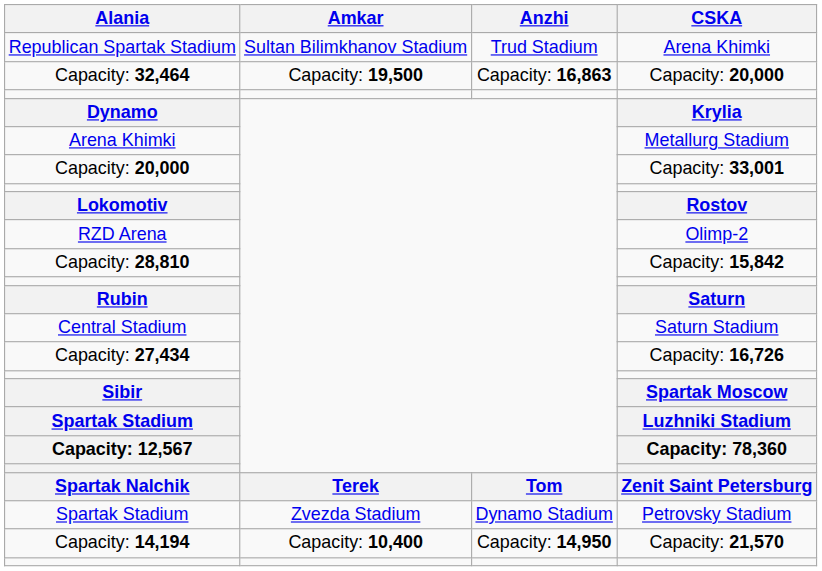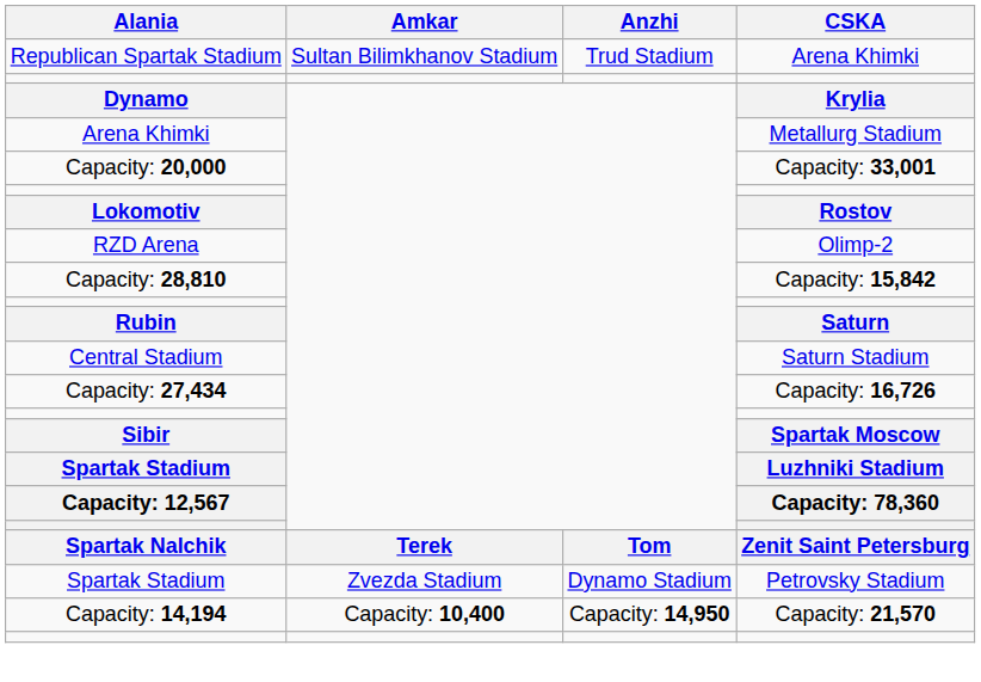 <table class="wikitable" style="text-align:center;">
 <tr>
 <th><a href='#'>Alania</a></th>
 <th><a href='#'>Amkar</a></th>
 <th><a href='#'>Anzhi</a></th>
 <th><a href='#'>CSKA</a></th>
 </tr>
 <tr>
 <td><a href='#'>Republican Spartak Stadium</a></td>
 <td><a href='#'>Sultan Bilimkhanov Stadium</a></td>
 <td><a href='#'>Trud Stadium</a></td>
 <td><a href='#'>Arena Khimki</a></td>
-</tr>
-<tr>
-<td>Capacity: <strong>32,464</strong></td>
-<td>Capacity: <strong>19,500</strong></td>
-<td>Capacity: <strong>16,863</strong></td>
-<td>Capacity: <strong>20,000</strong></td>
 </tr>
 <tr>
 <td></td>
 <td></td>
 <td></td>
 <td></td>
 </tr>
 <tr>
 <th><a href='#'>Dynamo</a></th>
 <td colspan="2" rowspan="16"><br> </td>
 <th><a href='#'>Krylia</a></th>
 </tr>
 <tr>
 <td><a href='#'>Arena Khimki</a></td>
 <td><a href='#'>Metallurg Stadium</a></td>
 </tr>
 <tr>
 <td>Capacity: <strong>20,000</strong></td>
 <td>Capacity: <strong>33,001</strong></td>
 </tr>
 <tr>
 <td></td>
 <td></td>
 </tr>
 <tr>
 <th><a href='#'>Lokomotiv</a></th>
 <th><a href='#'>Rostov</a></th>
 </tr>
 <tr>
 <td><a href='#'>RZD Arena</a></td>
 <td><a href='#'>Olimp-2</a></td>
 </tr>
 <tr>
 <td>Capacity: <strong>28,810</strong></td>
 <td>Capacity: <strong>15,842</strong></td>
 </tr>
 <tr>
 <td></td>
 <td></td>
 </tr>
 <tr>
 <th><a href='#'>Rubin</a></th>
 <th><a href='#'>Saturn</a></th>
 </tr>
 <tr>
 <td><a href='#'>Central Stadium</a></td>
 <td><a href='#'>Saturn Stadium</a></td>
 </tr>
 <tr>
 <td>Capacity: <strong>27,434</strong></td>
 <td>Capacity: <strong>16,726</strong></td>
 </tr>
 <tr>
 <td></td>
 <td></td>
 </tr>
 <tr>
 <th><a href='#'>Sibir</a></th>
 <th><a href='#'>Spartak Moscow</a></th>
 </tr>
 <tr>
 <th><a href='#'>Spartak Stadium</a></th>
 <th><a href='#'>Luzhniki Stadium</a></th>
 </tr>
 <tr>
 <th>Capacity: <strong>12,567</strong></th>
 <th>Capacity: <strong>78,360</strong></th>
 </tr>
 <tr>
 <th></th>
 <th></th>
 </tr>
 <tr>
 <th><a href='#'>Spartak Nalchik</a></th>
 <th><a href='#'>Terek</a></th>
 <th><a href='#'>Tom</a></th>
 <th><a href='#'>Zenit Saint Petersburg</a></th>
 </tr>
 <tr>
 <td><a href='#'>Spartak Stadium</a></td>
 <td><a href='#'>Zvezda Stadium</a></td>
 <td><a href='#'>Dynamo Stadium</a></td>
 <td><a href='#'>Petrovsky Stadium</a></td>
 </tr>
 <tr>
 <td>Capacity: <strong>14,194</strong></td>
 <td>Capacity: <strong>10,400</strong></td>
 <td>Capacity: <strong>14,950</strong></td>
 <td>Capacity: <strong>21,570</strong></td>
 </tr>
 <tr>
 <td></td>
 <td></td>
 <td></td>
 <td></td>
 </tr>
 </table>
